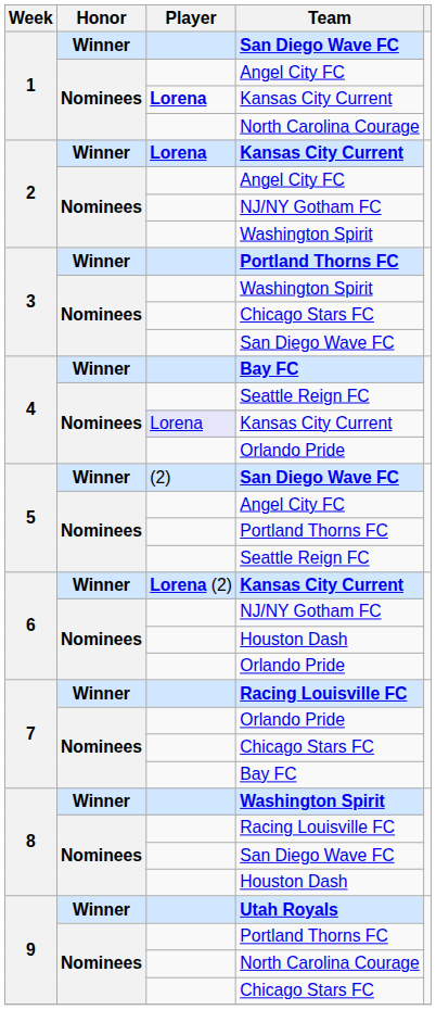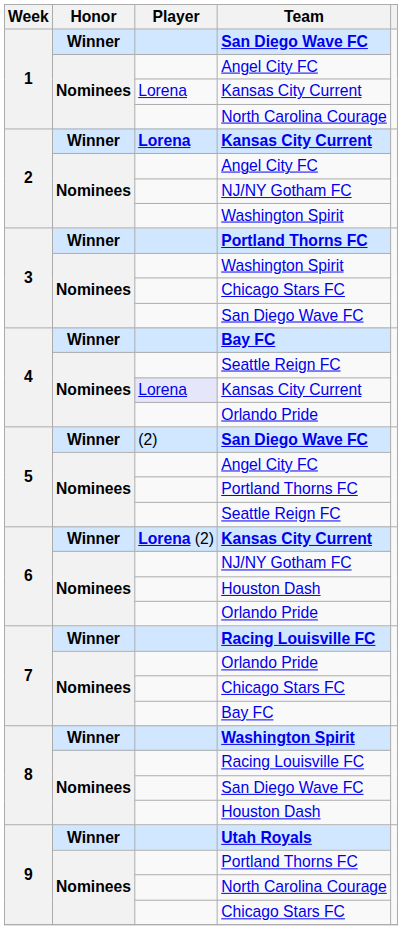 <table class="wikitable sortable">
 <tr>
 <th scope="col">Week</th>
 <th scope="col">Honor</th>
 <th scope="col">Player</th>
 <th scope="col">Team</th>
 <th scope="col"></th>
 </tr>
 <tr>
 <th rowspan=4 scope="row">1</th>
 <th scope="row" style="background:#d0e7ff;">Winner</th>
 <td style="background:#d0e7ff;"> <strong></strong></td>
 <td style="background:#d0e7ff;"><strong><a href='#'>San Diego Wave FC</a></strong></td>
 <td rowspan=4></td>
 </tr>
 <tr>
 <th rowspan=3 scope="rowgroup">Nominees</th>
 <td> </td>
 <td><a href='#'>Angel City FC</a></td>
 </tr>
 <tr>
-<td><strong> <a href='#'>Lorena</a></strong></td>
+<td> <a href='#'>Lorena</a></td>
 <td><a href='#'>Kansas City Current</a></td>
 </tr>
 <tr>
 <td> </td>
 <td><a href='#'>North Carolina Courage</a></td>
 </tr>
 <tr>
 <th rowspan=4 scope="row">2</th>
 <th scope="row" style="background:#d0e7ff;">Winner</th>
 <td style="background:#d0e7ff;"> <strong><a href='#'>Lorena</a></strong></td>
 <td style="background:#d0e7ff;"><strong><a href='#'>Kansas City Current</a></strong></td>
 <td rowspan=4></td>
 </tr>
 <tr>
 <th rowspan=3 scope="rowgroup">Nominees</th>
 <td> </td>
 <td><a href='#'>Angel City FC</a></td>
 </tr>
 <tr>
 <td> </td>
 <td><a href='#'>NJ/NY Gotham FC</a></td>
 </tr>
 <tr>
 <td> </td>
 <td><a href='#'>Washington Spirit</a></td>
 </tr>
 <tr>
 <th rowspan=4 scope="row">3</th>
 <th scope="row" style="background:#d0e7ff;">Winner</th>
 <td style="background:#d0e7ff;"> <strong></strong></td>
 <td style="background:#d0e7ff;"><strong><a href='#'>Portland Thorns FC</a></strong></td>
 <td rowspan=4></td>
 </tr>
 <tr>
 <th rowspan=3 scope="rowgroup">Nominees</th>
 <td> </td>
 <td><a href='#'>Washington Spirit</a></td>
 </tr>
 <tr>
 <td> </td>
 <td><a href='#'>Chicago Stars FC</a></td>
 </tr>
 <tr>
 <td> </td>
 <td><a href='#'>San Diego Wave FC</a></td>
 </tr>
 <tr>
 <th rowspan=4 scope="row">4</th>
 <th scope="row" style="background:#d0e7ff;">Winner</th>
 <td style="background:#d0e7ff;"> <strong></strong></td>
 <td style="background:#d0e7ff;"><strong><a href='#'>Bay FC</a></strong></td>
 <td rowspan=4></td>
 </tr>
 <tr>
 <th rowspan=3 scope="rowgroup">Nominees</th>
 <td> </td>
 <td><a href='#'>Seattle Reign FC</a></td>
 </tr>
 <tr>
 <td style="background: lavender;"> <a href='#'>Lorena</a></td>
 <td><a href='#'>Kansas City Current</a></td>
 </tr>
 <tr>
 <td> </td>
 <td><a href='#'>Orlando Pride</a></td>
 </tr>
 <tr>
 <th rowspan=4 scope="row">5</th>
 <th scope="row" style="background:#d0e7ff;">Winner</th>
 <td style="background:#d0e7ff;"> <strong></strong> (2)</td>
 <td style="background:#d0e7ff;"><strong><a href='#'>San Diego Wave FC</a></strong></td>
 <td rowspan=4></td>
 </tr>
 <tr>
 <th rowspan=3 scope="rowgroup">Nominees</th>
 <td> </td>
 <td><a href='#'>Angel City FC</a></td>
 </tr>
 <tr>
 <td> </td>
 <td><a href='#'>Portland Thorns FC</a></td>
 </tr>
 <tr>
 <td> </td>
 <td><a href='#'>Seattle Reign FC</a></td>
 </tr>
 <tr>
 <th rowspan=4 scope="row">6</th>
 <th scope="row" style="background:#d0e7ff;">Winner</th>
 <td style="background:#d0e7ff;"> <strong><a href='#'>Lorena</a></strong> (2)</td>
 <td style="background:#d0e7ff;"><strong><a href='#'>Kansas City Current</a></strong></td>
 <td rowspan=4></td>
 </tr>
 <tr>
 <th rowspan=3 scope="rowgroup">Nominees</th>
 <td> </td>
 <td><a href='#'>NJ/NY Gotham FC</a></td>
 </tr>
 <tr>
 <td> </td>
 <td><a href='#'>Houston Dash</a></td>
 </tr>
 <tr>
 <td> </td>
 <td><a href='#'>Orlando Pride</a></td>
 </tr>
 <tr>
 <th rowspan=4 scope="row">7</th>
 <th scope="row" style="background:#d0e7ff;">Winner</th>
 <td style="background:#d0e7ff;"> <strong></strong></td>
 <td style="background:#d0e7ff;"><strong><a href='#'>Racing Louisville FC</a></strong></td>
 <td rowspan=4></td>
 </tr>
 <tr>
 <th rowspan=3 scope="rowgroup">Nominees</th>
 <td> </td>
 <td><a href='#'>Orlando Pride</a></td>
 </tr>
 <tr>
 <td> </td>
 <td><a href='#'>Chicago Stars FC</a></td>
 </tr>
 <tr>
 <td> </td>
 <td><a href='#'>Bay FC</a></td>
 </tr>
 <tr>
 <th rowspan=4 scope="row">8</th>
 <th scope="row" style="background:#d0e7ff;">Winner</th>
 <td style="background:#d0e7ff;"> <strong></strong></td>
 <td style="background:#d0e7ff;"><strong><a href='#'>Washington Spirit</a></strong></td>
 <td rowspan=4></td>
 </tr>
 <tr>
 <th rowspan=3 scope="rowgroup">Nominees</th>
 <td> </td>
 <td><a href='#'>Racing Louisville FC</a></td>
 </tr>
 <tr>
 <td> </td>
 <td><a href='#'>San Diego Wave FC</a></td>
 </tr>
 <tr>
 <td> </td>
 <td><a href='#'>Houston Dash</a></td>
 </tr>
 <tr>
 <th rowspan=4 scope="row">9</th>
 <th scope="row" style="background:#d0e7ff;">Winner</th>
 <td style="background:#d0e7ff;"> <strong></strong></td>
 <td style="background:#d0e7ff;"><strong><a href='#'>Utah Royals</a></strong></td>
 <td rowspan=4></td>
 </tr>
 <tr>
 <th rowspan=3 scope="rowgroup">Nominees</th>
 <td> </td>
 <td><a href='#'>Portland Thorns FC</a></td>
 </tr>
 <tr>
 <td> </td>
 <td><a href='#'>North Carolina Courage</a></td>
 </tr>
 <tr>
 <td> </td>
 <td><a href='#'>Chicago Stars FC</a></td>
 </tr>
 <tr>
 </tr>
 </table>
